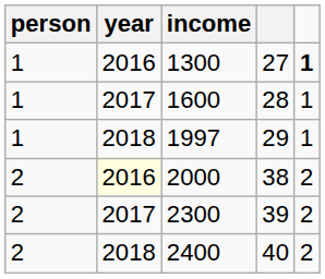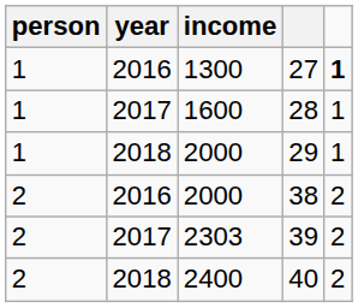 <table class="wikitable sortable" style="display:inline-table">
 <tr>
 <th scope="col">person</th>
 <th scope="col">year</th>
 <th scope="col">income</th>
 <th></th>
 </tr>
 <tr>
 <td>1</td>
 <td>2016</td>
 <td>1300</td>
 <td>27</td>
 <td><strong>1</strong></td>
 </tr>
 <tr>
 <td>1</td>
 <td>2017</td>
 <td>1600</td>
 <td>28</td>
 <td>1</td>
 </tr>
 <tr>
 <td>1</td>
 <td>2018</td>
-<td>1997</td>
+<td>2000</td>
 <td>29</td>
 <td>1</td>
 </tr>
 <tr>
 <td>2</td>
-<td style="background: lightyellow;">2016</td>
+<td>2016</td>
 <td>2000</td>
 <td>38</td>
 <td>2</td>
 </tr>
 <tr>
 <td>2</td>
 <td>2017</td>
-<td>2300</td>
+<td>2303</td>
 <td>39</td>
 <td>2</td>
 </tr>
 <tr>
 <td>2</td>
 <td>2018</td>
 <td>2400</td>
 <td>40</td>
 <td>2</td>
 </tr>
 </table>
